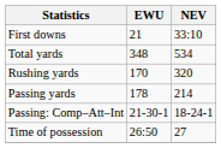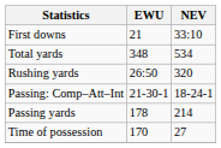 <table class="wikitable" style="float: left;">
 <tr>
 <th>Statistics</th>
 <th>EWU</th>
 <th>NEV</th>
 </tr>
 <tr>
 <td>First downs</td>
 <td>21</td>
 <td>33:10</td>
 </tr>
 <tr>
 <td>Total yards</td>
 <td>348</td>
 <td>534</td>
 </tr>
 <tr>
 <td>Rushing yards</td>
-<td>170</td>
+<td>26:50</td>
 <td>320</td>
+</tr>
+<tr>
+<td>Passing: Comp–Att–Int</td>
+<td>21-30-1</td>
+<td>18-24-1</td>
 </tr>
 <tr>
 <td>Passing yards</td>
 <td>178</td>
 <td>214</td>
 </tr>
 <tr>
-<td>Passing: Comp–Att–Int</td>
-<td>21-30-1</td>
-<td>18-24-1</td>
-</tr>
-<tr>
 <td>Time of possession</td>
-<td>26:50</td>
+<td>170</td>
 <td>27</td>
 </tr>
 <tr>
 </tr>
 </table>
